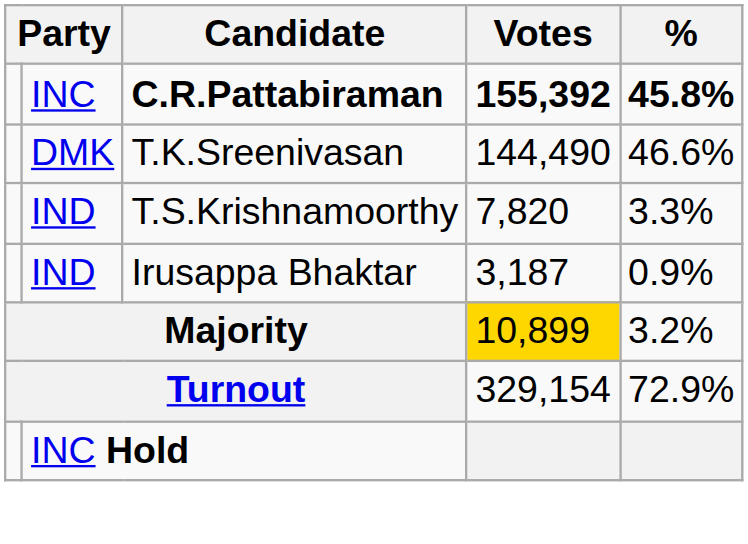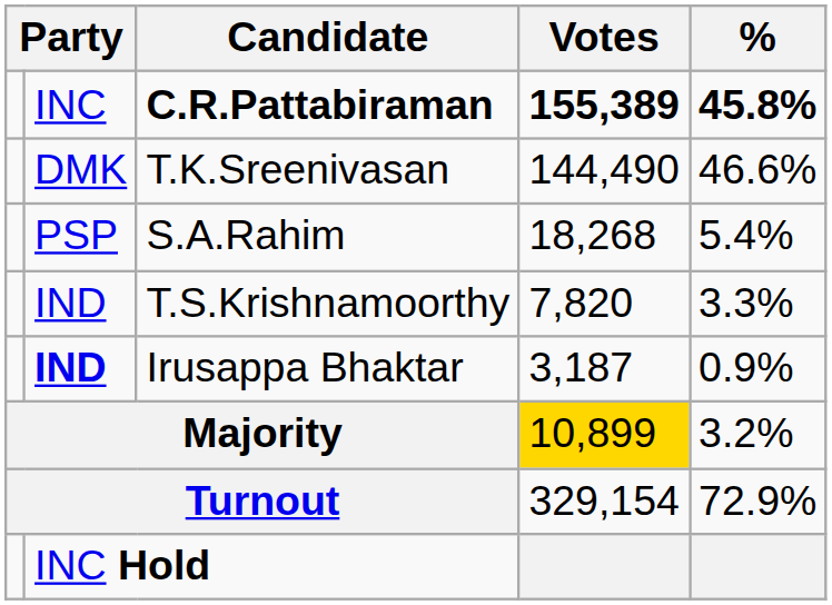 <table class="wikitable">
 <tr>
 <th colspan="2">Party</th>
 <th>Candidate</th>
 <th>Votes</th>
 <th>%</th>
 </tr>
 <tr>
 <td></td>
 <td><a href='#'>INC</a></td>
 <td><strong>C.R.Pattabiraman</strong></td>
-<td><strong>155,392</strong></td>
+<td><strong>155,389</strong></td>
 <td><strong>45.8%</strong></td>
 </tr>
 <tr>
 <td></td>
 <td><a href='#'>DMK</a></td>
 <td>T.K.Sreenivasan</td>
 <td>144,490</td>
 <td>46.6%</td>
 </tr>
 <tr>
 <td></td>
+<td><a href='#'>PSP</a></td>
+<td>S.A.Rahim</td>
+<td>18,268</td>
+<td>5.4%</td>
+</tr>
+<tr>
+<td></td>
 <td><a href='#'>IND</a></td>
 <td>T.S.Krishnamoorthy</td>
 <td>7,820</td>
 <td>3.3%</td>
 </tr>
 <tr>
 <td></td>
-<td><a href='#'>IND</a></td>
+<td><strong><a href='#'>IND</a></strong></td>
 <td>Irusappa Bhaktar</td>
 <td>3,187</td>
 <td>0.9%</td>
 </tr>
 <tr>
 <th colspan="3">Majority</th>
 <td style="background: gold;">10,899</td>
 <td>3.2%</td>
 </tr>
 <tr>
 <th colspan="3"><a href='#'>Turnout</a></th>
 <td>329,154</td>
 <td>72.9%</td>
 </tr>
 <tr>
 <td></td>
 <td colspan="2"><a href='#'>INC</a> <strong>Hold</strong></td>
 <th></th>
 <th></th>
 </tr>
 </table>
